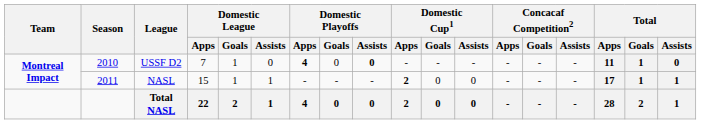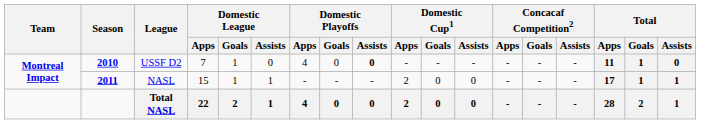 <table class="wikitable" style=font-size:90% text-align: center width=75%>
 <tr>
 <th rowspan=2 width=10%><strong>Team</strong></th>
 <th rowspan=2 width=7%><strong>Season</strong></th>
 <th rowspan=2 width=7%><strong>League</strong></th>
 <th colspan=3 width=10%>Domestic<br>League</th>
 <th colspan=3 width=10%>Domestic<br>Playoffs</th>
 <th colspan=3 width=10%>Domestic<br>Cup<sup>1</sup></th>
 <th colspan=3 width=10%>Concacaf<br>Competition<sup>2</sup></th>
 <th colspan=3 width=10%>Total</th>
 </tr>
 <tr>
 <th align=center><strong>Apps</strong></th>
 <th align=center><strong>Goals</strong></th>
 <th align=center><strong>Assists</strong></th>
 <th align=center><strong>Apps</strong></th>
 <th align=center><strong>Goals</strong></th>
 <th align=center><strong>Assists</strong></th>
 <th align=center><strong>Apps</strong></th>
 <th align=center><strong>Goals</strong></th>
 <th align=center><strong>Assists</strong></th>
 <th align=center><strong>Apps</strong></th>
 <th align=center><strong>Goals</strong></th>
 <th align=center><strong>Assists</strong></th>
 <th align=center><strong>Apps</strong></th>
 <th align=center><strong>Goals</strong></th>
 <th align=center><strong>Assists</strong></th>
 </tr>
 <tr>
 <td rowspan=2 align=center><strong><a href='#'>Montreal Impact</a></strong></td>
-<td align=center><a href='#'>2010</a></td>
+<td align=center><strong><a href='#'>2010</a></strong></td>
 <td align=center><a href='#'>USSF D2</a></td>
 <td align=center>7</td>
 <td align=center>1</td>
 <td align=center>0</td>
-<td align=center><strong>4</strong></td>
+<td align=center>4</td>
 <td align=center>0</td>
 <td align=center><strong>0</strong></td>
 <td align=center>-</td>
 <td align=center>-</td>
 <td align=center>-</td>
 <td align=center>-</td>
 <td align=center>-</td>
 <td align=center>-</td>
 <th align=center><strong>11</strong></th>
 <th align=center><strong>1</strong></th>
 <th align=center><strong>0</strong></th>
 </tr>
 <tr>
-<td align=center><a href='#'>2011</a></td>
+<td align=center><strong><a href='#'>2011</a></strong></td>
 <td align=center><a href='#'>NASL</a></td>
 <td align=center>15</td>
 <td align=center>1</td>
 <td align=center>1</td>
 <td align=center>-</td>
 <td align=center>-</td>
 <td align=center>-</td>
-<td align=center><strong>2</strong></td>
+<td align=center>2</td>
 <td align=center>0</td>
 <td align=center>0</td>
 <td align=center>-</td>
 <td align=center>-</td>
 <td align=center>-</td>
 <th align=center><strong>17</strong></th>
 <th align=center><strong>1</strong></th>
 <th align=center><strong>1</strong></th>
 </tr>
 <tr>
 <td></td>
 <td></td>
 <th>Total <a href='#'>NASL</a></th>
 <th>22</th>
 <th>2</th>
 <th>1</th>
 <th>4</th>
 <th>0</th>
 <th>0</th>
 <th>2</th>
 <th>0</th>
 <th>0</th>
 <th>-</th>
 <th>-</th>
 <th>-</th>
 <th>28</th>
 <th>2</th>
 <th>1</th>
 </tr>
 </table>
